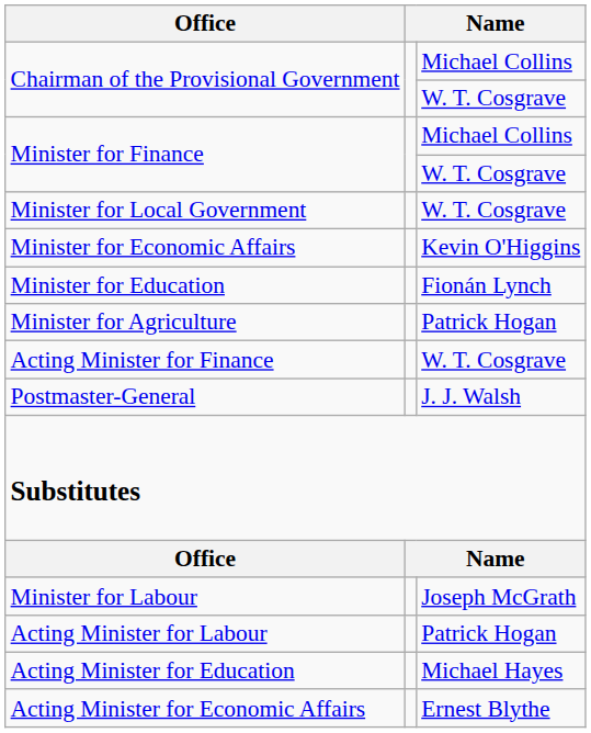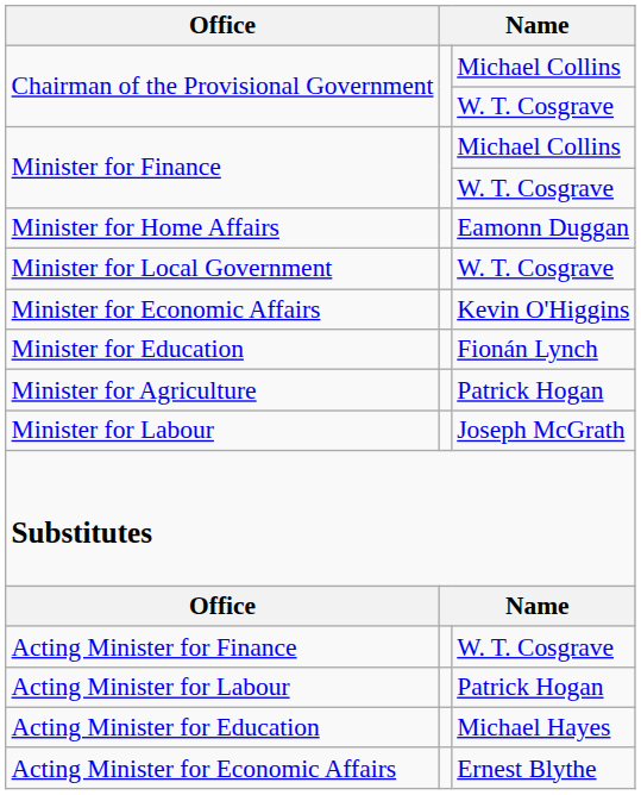 <table class="wikitable">
 <tr>
 <th>Office</th>
 <th colspan="2">Name</th>
 </tr>
 <tr>
 <td rowspan="2"><a href='#'>Chairman of the Provisional Government</a></td>
 <td rowspan="2" style="background-color: "></td>
 <td><a href='#'>Michael Collins</a></td>
 </tr>
 <tr>
 <td><a href='#'>W. T. Cosgrave</a></td>
 </tr>
 <tr>
 <td rowspan="2"><a href='#'>Minister for Finance</a></td>
 <td rowspan="2" style="background-color: "></td>
 <td><a href='#'>Michael Collins</a></td>
 </tr>
 <tr>
 <td><a href='#'>W. T. Cosgrave</a></td>
 </tr>
 <tr>
+<td><a href='#'>Minister for Home Affairs</a></td>
+<td style="background-color: "></td>
+<td><a href='#'>Eamonn Duggan</a></td>
+</tr>
+<tr>
 <td><a href='#'>Minister for Local Government</a></td>
 <td style="background-color: "></td>
 <td><a href='#'>W. T. Cosgrave</a></td>
 </tr>
 <tr>
 <td><a href='#'>Minister for Economic Affairs</a></td>
 <td style="background-color: "></td>
 <td><a href='#'>Kevin O'Higgins</a></td>
 </tr>
 <tr>
 <td><a href='#'>Minister for Education</a></td>
 <td style="background-color: "></td>
 <td><a href='#'>Fionán Lynch</a></td>
 </tr>
 <tr>
 <td><a href='#'>Minister for Agriculture</a></td>
 <td style="background-color: "></td>
 <td><a href='#'>Patrick Hogan</a></td>
 </tr>
 <tr>
-<td><a href='#'>Acting Minister for Finance</a></td>
+<td><a href='#'>Minister for Labour</a></td>
 <td style="background-color: "></td>
-<td><a href='#'>W. T. Cosgrave</a></td>
-</tr>
-<tr>
-<td><a href='#'>Postmaster-General</a></td>
-<td style="background-color: "></td>
-<td><a href='#'>J. J. Walsh</a></td>
+<td><a href='#'>Joseph McGrath</a></td>
 </tr>
 <tr>
 <td colspan="3"><br><h3>Substitutes</h3></td>
 </tr>
 <tr>
 <th>Office</th>
 <th colspan="2">Name</th>
 </tr>
 <tr>
-<td><a href='#'>Minister for Labour</a></td>
+<td><a href='#'>Acting Minister for Finance</a></td>
 <td style="background-color: "></td>
-<td><a href='#'>Joseph McGrath</a></td>
+<td><a href='#'>W. T. Cosgrave</a></td>
 </tr>
 <tr>
 <td><a href='#'>Acting Minister for Labour</a></td>
 <td style="background-color: "></td>
 <td><a href='#'>Patrick Hogan</a></td>
 </tr>
 <tr>
 <td><a href='#'>Acting Minister for Education</a></td>
 <td style="background-color: "></td>
 <td><a href='#'>Michael Hayes</a></td>
 </tr>
 <tr>
 <td><a href='#'>Acting Minister for Economic Affairs</a></td>
 <td style="background-color: "></td>
 <td><a href='#'>Ernest Blythe</a></td>
 </tr>
 </table>
